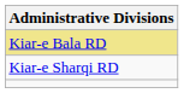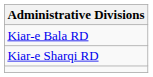 <table class="wikitable">
 <tr>
 <th>Administrative Divisions</th>
 </tr>
 <tr>
-<td style="background: khaki;"><a href='#'>Kiar-e Bala RD</a></td>
+<td><a href='#'>Kiar-e Bala RD</a></td>
 </tr>
 <tr>
 <td><a href='#'>Kiar-e Sharqi RD</a></td>
 </tr>
 <tr>
 <td colspan=1></td>
 </tr>
 </table>
